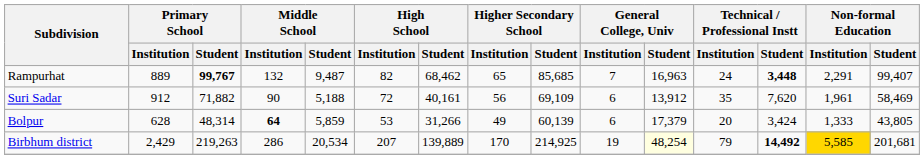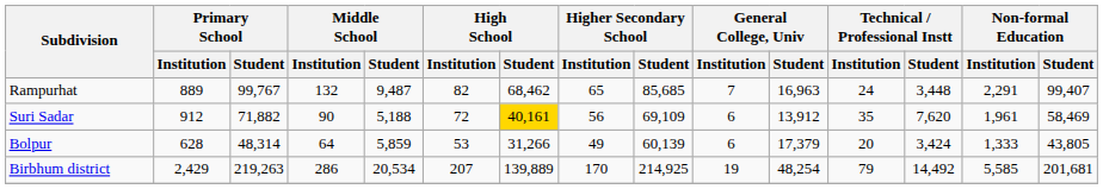 <table class="wikitable" style="text-align:center;font-size: 9pt">
 <tr>
 <th width="110" rowspan="2">Subdivision</th>
 <th colspan="2">Primary<br>School</th>
 <th colspan="2">Middle<br>School</th>
 <th colspan="2">High<br>School</th>
 <th colspan="2">Higher Secondary<br>School</th>
 <th colspan="2">General<br>College, Univ</th>
 <th colspan="2">Technical /<br>Professional Instt</th>
 <th colspan="2">Non-formal<br>Education</th>
 </tr>
 <tr>
 <th width="30">Institution</th>
 <th width="30">Student</th>
 <th width="30">Institution</th>
 <th width="30">Student</th>
 <th width="30">Institution</th>
 <th width="30">Student</th>
 <th width="30">Institution</th>
 <th width="30">Student</th>
 <th width="30">Institution</th>
 <th width="30">Student</th>
 <th width="30">Institution</th>
 <th width="30">Student</th>
 <th width="30">Institution</th>
 <th width="30">Student<br></th>
 </tr>
 <tr>
 <td align=left>Rampurhat</td>
 <td align="center">889</td>
-<td align="center"><strong>99,767</strong></td>
+<td align="center">99,767</td>
 <td align="center">132</td>
 <td align="center">9,487</td>
 <td align="center">82</td>
 <td align="center">68,462</td>
 <td align="center">65</td>
 <td align="center">85,685</td>
 <td align="center">7</td>
 <td align="center">16,963</td>
 <td align="center">24</td>
-<td align="center"><strong>3,448</strong></td>
+<td align="center">3,448</td>
 <td align="center">2,291</td>
 <td align="center">99,407</td>
 </tr>
 <tr>
 <td align=left><a href='#'>Suri Sadar</a></td>
 <td align="center">912</td>
 <td align="center">71,882</td>
 <td align="center">90</td>
 <td align="center">5,188</td>
 <td align="center">72</td>
-<td align="center">40,161</td>
+<td align="center" style="background: gold;">40,161</td>
 <td align="center">56</td>
 <td align="center">69,109</td>
 <td align="center">6</td>
 <td align="center">13,912</td>
 <td align="center">35</td>
 <td align="center">7,620</td>
 <td align="center">1,961</td>
 <td align="center">58,469</td>
 </tr>
 <tr>
 <td align=left><a href='#'>Bolpur</a></td>
 <td align="center">628</td>
 <td align="center">48,314</td>
-<td align="center"><strong>64</strong></td>
+<td align="center">64</td>
 <td align="center">5,859</td>
 <td align="center">53</td>
 <td align="center">31,266</td>
 <td align="center">49</td>
 <td align="center">60,139</td>
 <td align="center">6</td>
 <td align="center">17,379</td>
 <td align="center">20</td>
 <td align="center">3,424</td>
 <td align="center">1,333</td>
 <td align="center">43,805</td>
 </tr>
 <tr>
 <td align=left><a href='#'>Birbhum district</a></td>
 <td align="center">2,429</td>
 <td align="center">219,263</td>
 <td align="center">286</td>
 <td align="center">20,534</td>
 <td align="center">207</td>
 <td align="center">139,889</td>
 <td align="center">170</td>
 <td align="center">214,925</td>
 <td align="center">19</td>
-<td align="center" style="background: lightyellow;">48,254</td>
+<td align="center">48,254</td>
 <td align="center">79</td>
-<td align="center"><strong>14,492</strong></td>
-<td align="center" style="background: gold;">5,585</td>
+<td align="center">14,492</td>
+<td align="center">5,585</td>
 <td align="center">201,681</td>
 </tr>
 <tr>
 </tr>
 </table>
